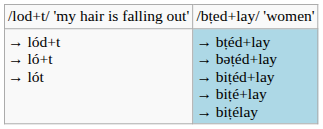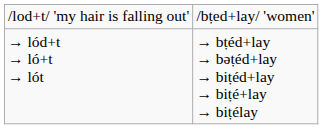 <table class="wikitable">
 <tr>
 <td>/lod+t/ 'my hair is falling out'</td>
 <td>/bṭed+lay/ 'women'</td>
 </tr>
 <tr valign="top">
 <td>→ lód+t<br>→ ló+t<br>→ lót</td>
-<td style="background: lightblue;">→ bṭéd+lay<br>→ bəṭéd+lay<br>→ biṭéd+lay<br>→ biṭé+lay<br>→ biṭélay</td>
+<td>→ bṭéd+lay<br>→ bəṭéd+lay<br>→ biṭéd+lay<br>→ biṭé+lay<br>→ biṭélay</td>
 </tr>
 </table>
